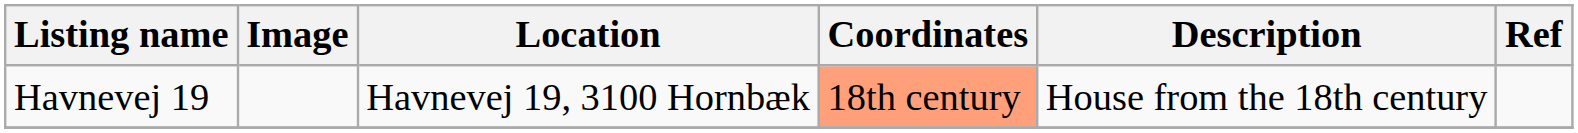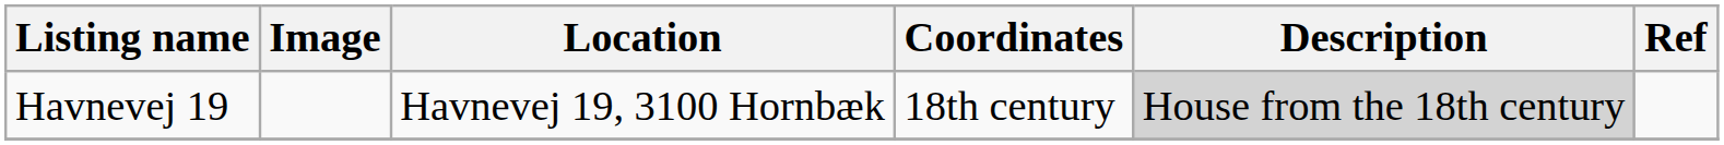 <table class="wikitable sortable">
 <tr>
 <th>Listing name</th>
 <th>Image</th>
 <th>Location</th>
 <th>Coordinates</th>
 <th>Description</th>
 <th>Ref</th>
 </tr>
 <tr>
 <td>Havnevej 19</td>
 <td></td>
 <td>Havnevej 19, 3100 Hornbæk</td>
-<td style="background: lightsalmon;">18th century</td>
-<td>House from the 18th century</td>
+<td>18th century</td>
+<td style="background: lightgrey;">House from the 18th century</td>
 <td></td>
 </tr>
 <tr>
 </tr>
 </table>
